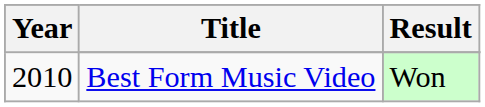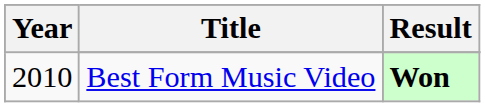 <table class="wikitable">
 <tr>
 <th>Year</th>
 <th>Title</th>
 <th>Result</th>
 </tr>
 <tr>
 <td rowspan="4">2010</td>
 </tr>
 <tr>
 <td><a href='#'>Best Form Music Video</a></td>
-<td style="background:#cfc;">Won</td>
+<td style="background:#cfc;"><strong>Won</strong></td>
 </tr>
 </table>
